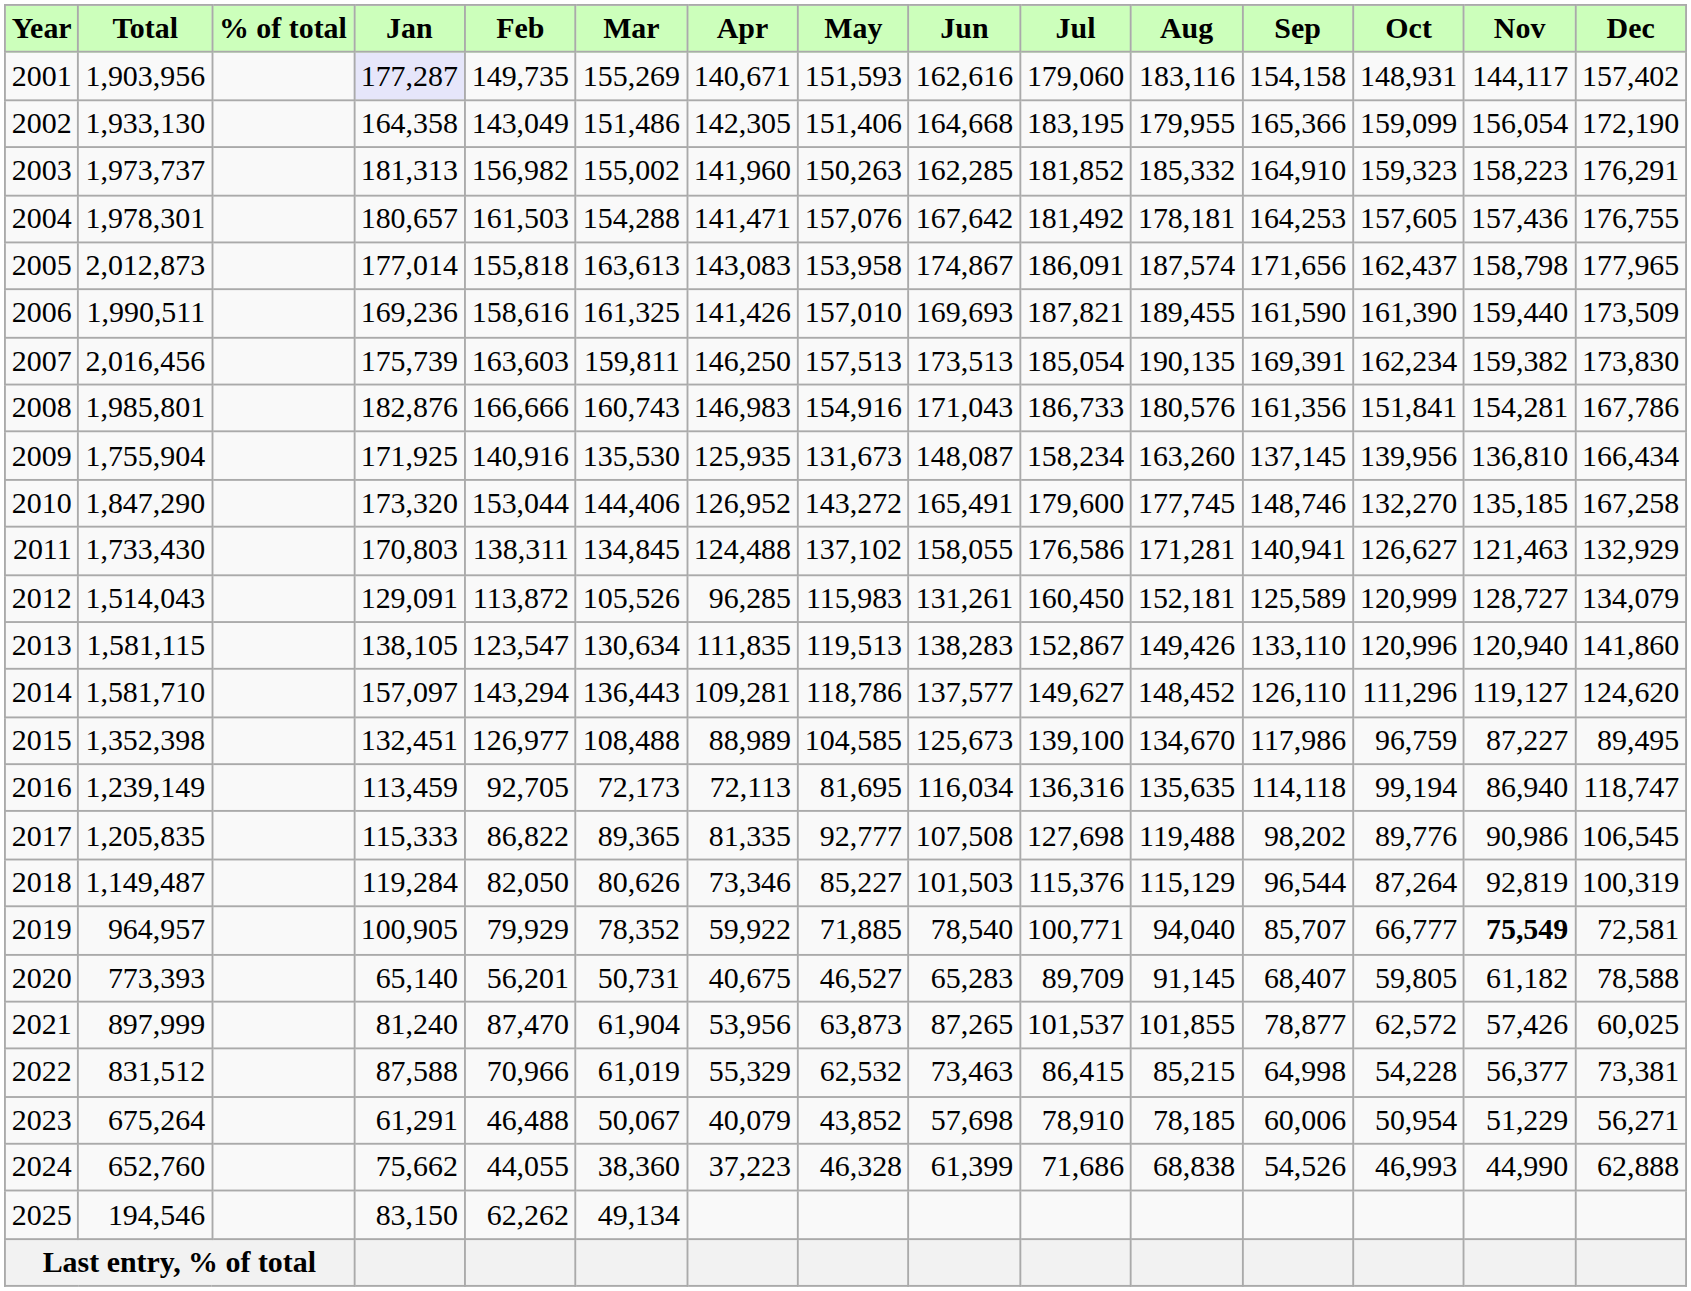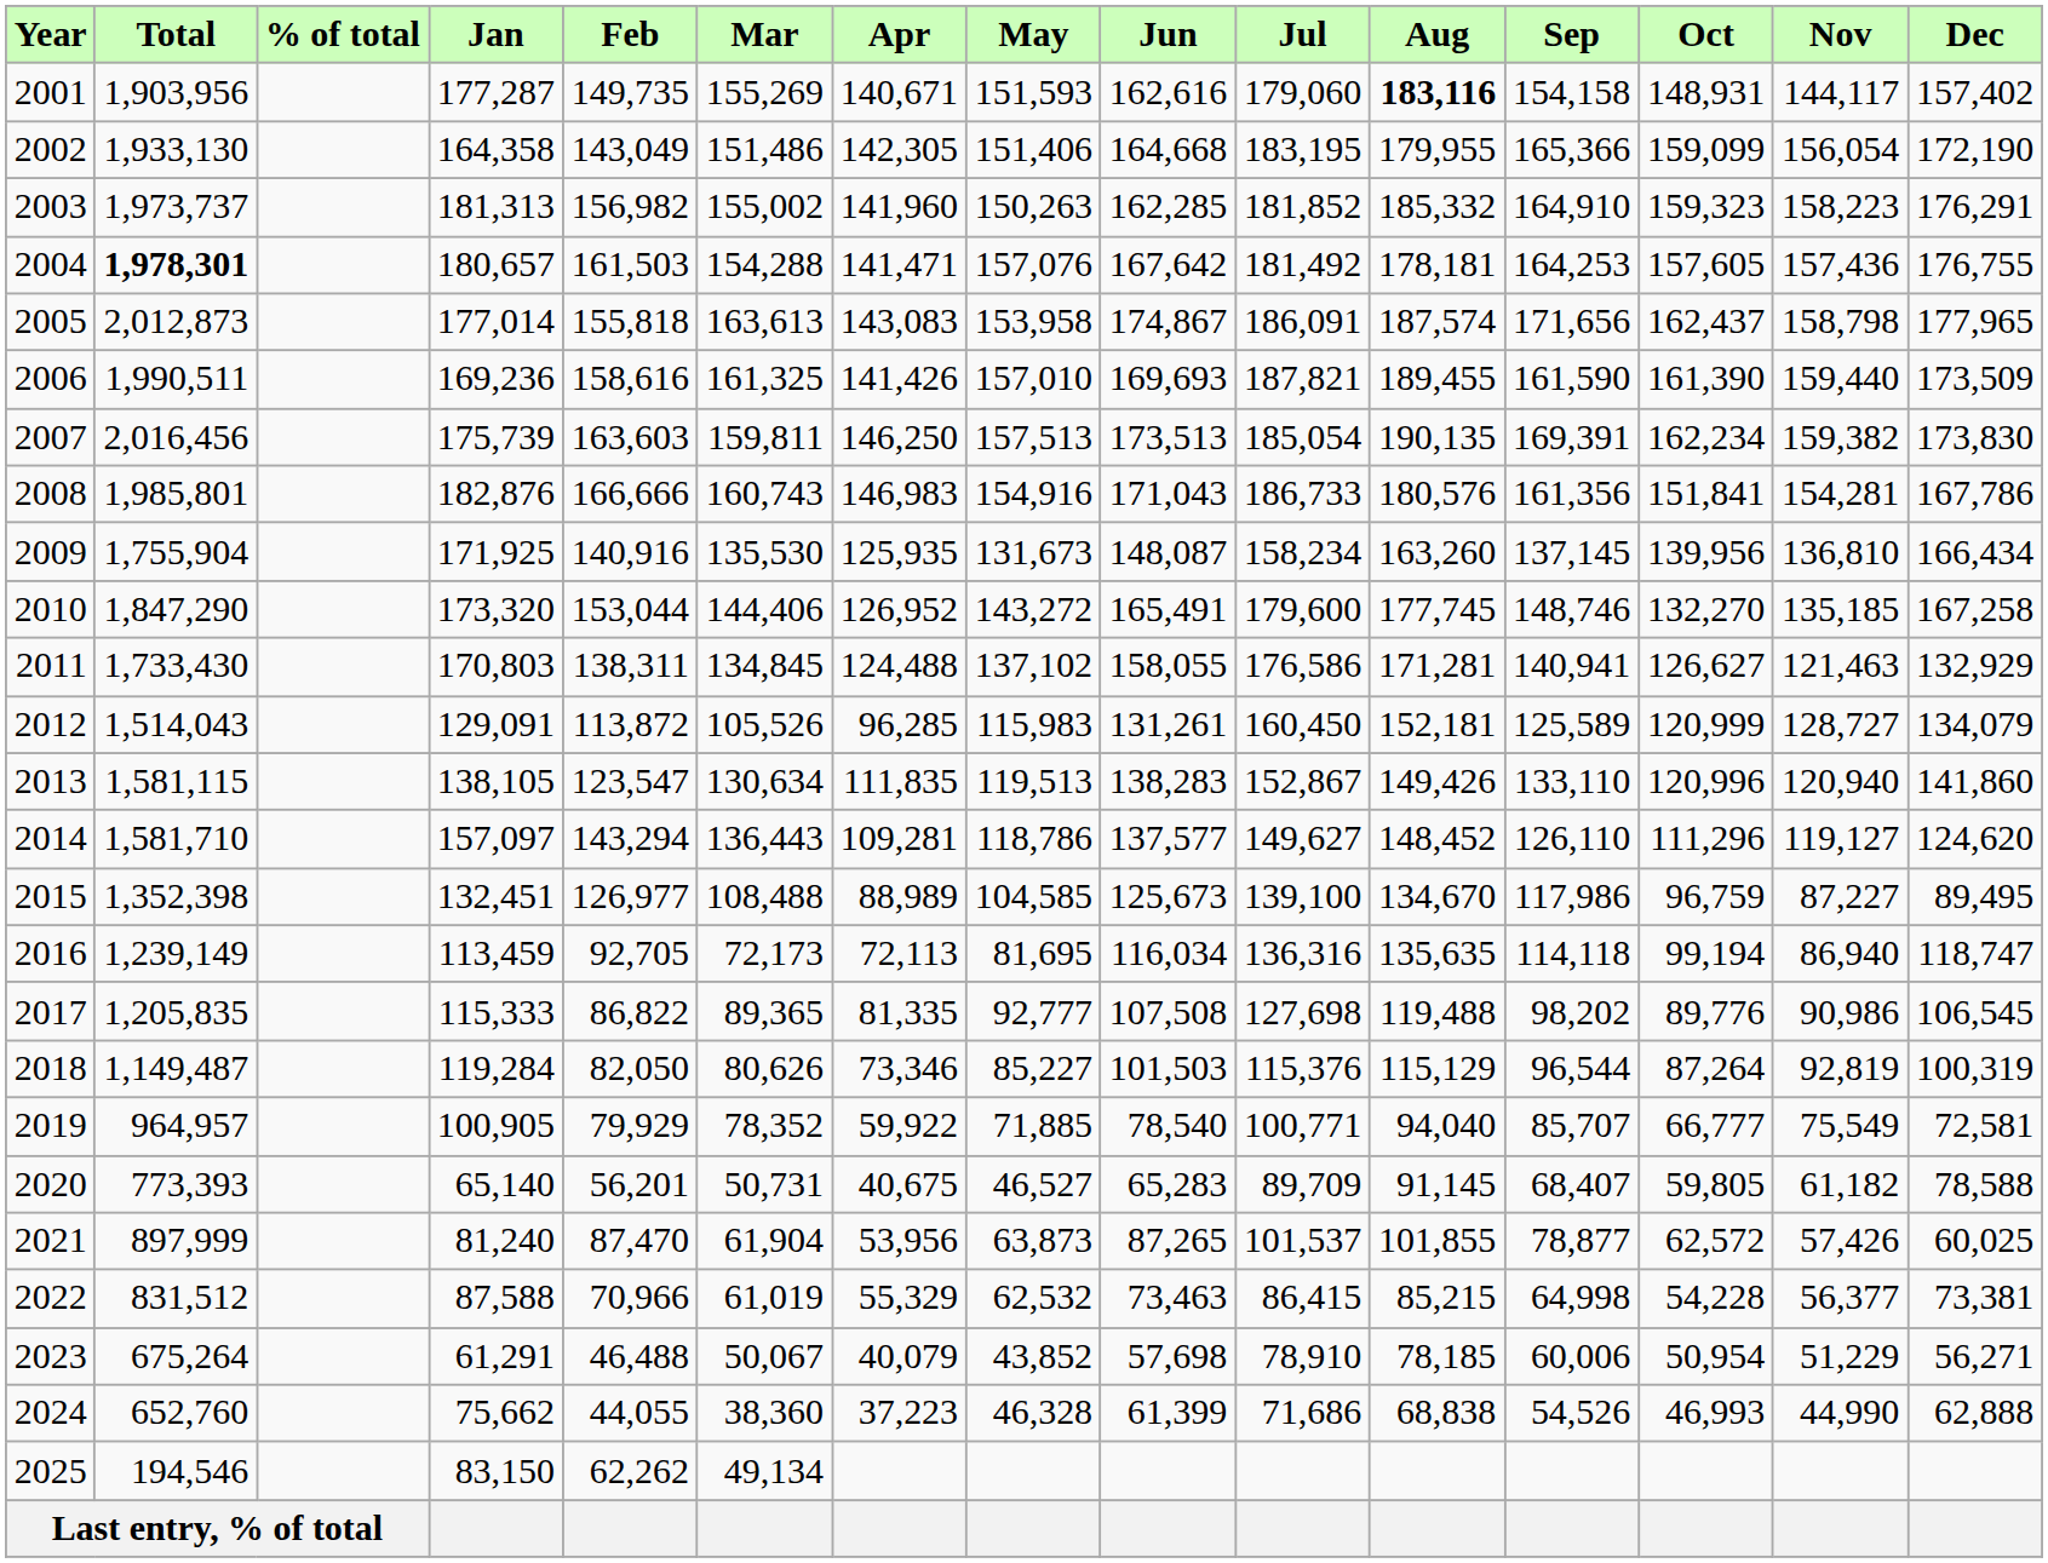 <table class="wikitable" style="text-align:right;">
 <tr>
 <th style="background:#cfb;">Year</th>
 <th style="background:#cfb;">Total</th>
 <th style="background:#cfb;">% of total</th>
 <th style="background:#cfb;">Jan</th>
 <th style="background:#cfb;">Feb</th>
 <th style="background:#cfb;">Mar</th>
 <th style="background:#cfb;">Apr</th>
 <th style="background:#cfb;">May</th>
 <th style="background:#cfb;">Jun</th>
 <th style="background:#cfb;">Jul</th>
 <th style="background:#cfb;">Aug</th>
 <th style="background:#cfb;">Sep</th>
 <th style="background:#cfb;">Oct</th>
 <th style="background:#cfb;">Nov</th>
 <th style="background:#cfb;">Dec</th>
 </tr>
 <tr>
 <td>2001</td>
 <td>1,903,956</td>
 <td></td>
-<td style="background: lavender;">177,287</td>
+<td>177,287</td>
 <td>149,735</td>
 <td>155,269</td>
 <td>140,671</td>
 <td>151,593</td>
 <td>162,616</td>
 <td>179,060</td>
-<td>183,116</td>
+<td><strong>183,116</strong></td>
 <td>154,158</td>
 <td>148,931</td>
 <td>144,117</td>
 <td>157,402</td>
 </tr>
 <tr>
 <td>2002</td>
 <td>1,933,130</td>
 <td></td>
 <td>164,358</td>
 <td>143,049</td>
 <td>151,486</td>
 <td>142,305</td>
 <td>151,406</td>
 <td>164,668</td>
 <td>183,195</td>
 <td>179,955</td>
 <td>165,366</td>
 <td>159,099</td>
 <td>156,054</td>
 <td>172,190</td>
 </tr>
 <tr>
 <td>2003</td>
 <td>1,973,737</td>
 <td></td>
 <td>181,313</td>
 <td>156,982</td>
 <td>155,002</td>
 <td>141,960</td>
 <td>150,263</td>
 <td>162,285</td>
 <td>181,852</td>
 <td>185,332</td>
 <td>164,910</td>
 <td>159,323</td>
 <td>158,223</td>
 <td>176,291</td>
 </tr>
 <tr>
 <td>2004</td>
-<td>1,978,301</td>
+<td><strong>1,978,301</strong></td>
 <td></td>
 <td>180,657</td>
 <td>161,503</td>
 <td>154,288</td>
 <td>141,471</td>
 <td>157,076</td>
 <td>167,642</td>
 <td>181,492</td>
 <td>178,181</td>
 <td>164,253</td>
 <td>157,605</td>
 <td>157,436</td>
 <td>176,755</td>
 </tr>
 <tr>
 <td>2005</td>
 <td>2,012,873</td>
 <td></td>
 <td>177,014</td>
 <td>155,818</td>
 <td>163,613</td>
 <td>143,083</td>
 <td>153,958</td>
 <td>174,867</td>
 <td>186,091</td>
 <td>187,574</td>
 <td>171,656</td>
 <td>162,437</td>
 <td>158,798</td>
 <td>177,965</td>
 </tr>
 <tr>
 <td>2006</td>
 <td>1,990,511</td>
 <td></td>
 <td>169,236</td>
 <td>158,616</td>
 <td>161,325</td>
 <td>141,426</td>
 <td>157,010</td>
 <td>169,693</td>
 <td>187,821</td>
 <td>189,455</td>
 <td>161,590</td>
 <td>161,390</td>
 <td>159,440</td>
 <td>173,509</td>
 </tr>
 <tr>
 <td>2007</td>
 <td>2,016,456</td>
 <td></td>
 <td>175,739</td>
 <td>163,603</td>
 <td>159,811</td>
 <td>146,250</td>
 <td>157,513</td>
 <td>173,513</td>
 <td>185,054</td>
 <td>190,135</td>
 <td>169,391</td>
 <td>162,234</td>
 <td>159,382</td>
 <td>173,830</td>
 </tr>
 <tr>
 <td>2008</td>
 <td>1,985,801</td>
 <td></td>
 <td>182,876</td>
 <td>166,666</td>
 <td>160,743</td>
 <td>146,983</td>
 <td>154,916</td>
 <td>171,043</td>
 <td>186,733</td>
 <td>180,576</td>
 <td>161,356</td>
 <td>151,841</td>
 <td>154,281</td>
 <td>167,786</td>
 </tr>
 <tr>
 <td>2009</td>
 <td>1,755,904</td>
 <td></td>
 <td>171,925</td>
 <td>140,916</td>
 <td>135,530</td>
 <td>125,935</td>
 <td>131,673</td>
 <td>148,087</td>
 <td>158,234</td>
 <td>163,260</td>
 <td>137,145</td>
 <td>139,956</td>
 <td>136,810</td>
 <td>166,434</td>
 </tr>
 <tr>
 <td>2010</td>
 <td>1,847,290</td>
 <td></td>
 <td>173,320</td>
 <td>153,044</td>
 <td>144,406</td>
 <td>126,952</td>
 <td>143,272</td>
 <td>165,491</td>
 <td>179,600</td>
 <td>177,745</td>
 <td>148,746</td>
 <td>132,270</td>
 <td>135,185</td>
 <td>167,258</td>
 </tr>
 <tr>
 <td>2011</td>
 <td>1,733,430</td>
 <td></td>
 <td>170,803</td>
 <td>138,311</td>
 <td>134,845</td>
 <td>124,488</td>
 <td>137,102</td>
 <td>158,055</td>
 <td>176,586</td>
 <td>171,281</td>
 <td>140,941</td>
 <td>126,627</td>
 <td>121,463</td>
 <td>132,929</td>
 </tr>
 <tr>
 <td>2012</td>
 <td>1,514,043</td>
 <td></td>
 <td>129,091</td>
 <td>113,872</td>
 <td>105,526</td>
 <td>96,285</td>
 <td>115,983</td>
 <td>131,261</td>
 <td>160,450</td>
 <td>152,181</td>
 <td>125,589</td>
 <td>120,999</td>
 <td>128,727</td>
 <td>134,079</td>
 </tr>
 <tr>
 <td>2013</td>
 <td>1,581,115</td>
 <td></td>
 <td>138,105</td>
 <td>123,547</td>
 <td>130,634</td>
 <td>111,835</td>
 <td>119,513</td>
 <td>138,283</td>
 <td>152,867</td>
 <td>149,426</td>
 <td>133,110</td>
 <td>120,996</td>
 <td>120,940</td>
 <td>141,860</td>
 </tr>
 <tr>
 <td>2014</td>
 <td>1,581,710</td>
 <td></td>
 <td>157,097</td>
 <td>143,294</td>
 <td>136,443</td>
 <td>109,281</td>
 <td>118,786</td>
 <td>137,577</td>
 <td>149,627</td>
 <td>148,452</td>
 <td>126,110</td>
 <td>111,296</td>
 <td>119,127</td>
 <td>124,620</td>
 </tr>
 <tr>
 <td>2015</td>
 <td>1,352,398</td>
 <td></td>
 <td>132,451</td>
 <td>126,977</td>
 <td>108,488</td>
 <td>88,989</td>
 <td>104,585</td>
 <td>125,673</td>
 <td>139,100</td>
 <td>134,670</td>
 <td>117,986</td>
 <td>96,759</td>
 <td>87,227</td>
 <td>89,495</td>
 </tr>
 <tr>
 <td>2016</td>
 <td>1,239,149</td>
 <td></td>
 <td>113,459</td>
 <td>92,705</td>
 <td>72,173</td>
 <td>72,113</td>
 <td>81,695</td>
 <td>116,034</td>
 <td>136,316</td>
 <td>135,635</td>
 <td>114,118</td>
 <td>99,194</td>
 <td>86,940</td>
 <td>118,747</td>
 </tr>
 <tr>
 <td>2017</td>
 <td>1,205,835</td>
 <td></td>
 <td>115,333</td>
 <td>86,822</td>
 <td>89,365</td>
 <td>81,335</td>
 <td>92,777</td>
 <td>107,508</td>
 <td>127,698</td>
 <td>119,488</td>
 <td>98,202</td>
 <td>89,776</td>
 <td>90,986</td>
 <td>106,545</td>
 </tr>
 <tr>
 <td>2018</td>
 <td>1,149,487</td>
 <td></td>
 <td>119,284</td>
 <td>82,050</td>
 <td>80,626</td>
 <td>73,346</td>
 <td>85,227</td>
 <td>101,503</td>
 <td>115,376</td>
 <td>115,129</td>
 <td>96,544</td>
 <td>87,264</td>
 <td>92,819</td>
 <td>100,319</td>
 </tr>
 <tr>
 <td>2019</td>
 <td>964,957</td>
 <td></td>
 <td>100,905</td>
 <td>79,929</td>
 <td>78,352</td>
 <td>59,922</td>
 <td>71,885</td>
 <td>78,540</td>
 <td>100,771</td>
 <td>94,040</td>
 <td>85,707</td>
 <td>66,777</td>
-<td><strong>75,549</strong></td>
+<td>75,549</td>
 <td>72,581</td>
 </tr>
 <tr>
 <td>2020</td>
 <td>773,393</td>
 <td></td>
 <td>65,140</td>
 <td>56,201</td>
 <td>50,731</td>
 <td>40,675</td>
 <td>46,527</td>
 <td>65,283</td>
 <td>89,709</td>
 <td>91,145</td>
 <td>68,407</td>
 <td>59,805</td>
 <td>61,182</td>
 <td>78,588</td>
 </tr>
 <tr>
 <td>2021</td>
 <td>897,999</td>
 <td></td>
 <td>81,240</td>
 <td>87,470</td>
 <td>61,904</td>
 <td>53,956</td>
 <td>63,873</td>
 <td>87,265</td>
 <td>101,537</td>
 <td>101,855</td>
 <td>78,877</td>
 <td>62,572</td>
 <td>57,426</td>
 <td>60,025</td>
 </tr>
 <tr>
 <td>2022</td>
 <td>831,512</td>
 <td></td>
 <td>87,588</td>
 <td>70,966</td>
 <td>61,019</td>
 <td>55,329</td>
 <td>62,532</td>
 <td>73,463</td>
 <td>86,415</td>
 <td>85,215</td>
 <td>64,998</td>
 <td>54,228</td>
 <td>56,377</td>
 <td>73,381</td>
 </tr>
 <tr>
 <td>2023</td>
 <td>675,264</td>
 <td></td>
 <td>61,291</td>
 <td>46,488</td>
 <td>50,067</td>
 <td>40,079</td>
 <td>43,852</td>
 <td>57,698</td>
 <td>78,910</td>
 <td>78,185</td>
 <td>60,006</td>
 <td>50,954</td>
 <td>51,229</td>
 <td>56,271</td>
 </tr>
 <tr>
 <td>2024</td>
 <td>652,760</td>
 <td></td>
 <td>75,662</td>
 <td>44,055</td>
 <td>38,360</td>
 <td>37,223</td>
 <td>46,328</td>
 <td>61,399</td>
 <td>71,686</td>
 <td>68,838</td>
 <td>54,526</td>
 <td>46,993</td>
 <td>44,990</td>
 <td>62,888</td>
 </tr>
 <tr>
 <td>2025</td>
 <td>194,546</td>
 <td></td>
 <td>83,150</td>
 <td>62,262</td>
 <td>49,134</td>
 <td></td>
 <td></td>
 <td></td>
 <td></td>
 <td></td>
 <td></td>
 <td></td>
 <td></td>
 <td></td>
 </tr>
 <tr>
 <th colspan=3>Last entry, % of total</th>
 <th></th>
 <th></th>
 <th></th>
 <th></th>
 <th></th>
 <th></th>
 <th></th>
 <th></th>
 <th></th>
 <th></th>
 <th></th>
 <th></th>
 </tr>
 </table>
